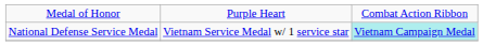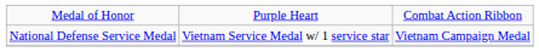 <table class="wikitable" style="margin:1em auto; text-align:center;">
 <tr>
 <td><a href='#'>Medal of Honor</a></td>
 <td><a href='#'>Purple Heart</a></td>
 <td><a href='#'>Combat Action Ribbon</a></td>
 </tr>
 <tr>
 <td><a href='#'>National Defense Service Medal</a></td>
 <td><a href='#'>Vietnam Service Medal</a> w/ 1 <a href='#'>service star</a></td>
-<td style="background: paleturquoise;"><a href='#'>Vietnam Campaign Medal</a></td>
+<td><a href='#'>Vietnam Campaign Medal</a></td>
 </tr>
 <tr>
 </tr>
 </table>
